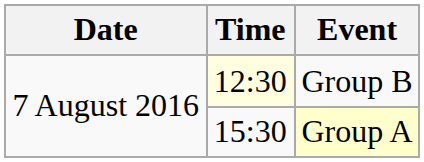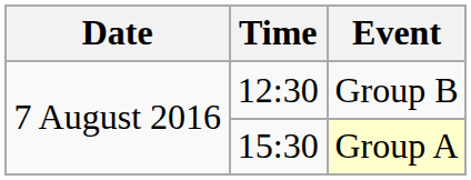 <table class = "wikitable" style="text-align:center;">
 <tr>
 <th>Date</th>
 <th>Time</th>
 <th>Event</th>
 </tr>
 <tr>
 <td rowspan=2>7 August 2016</td>
-<td style="background: lightyellow;">12:30</td>
+<td>12:30</td>
 <td>Group B</td>
 </tr>
 <tr>
 <td>15:30</td>
 <td bgcolor=ffffcc>Group A</td>
 </tr>
 </table>
